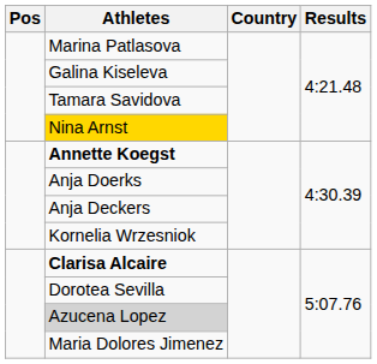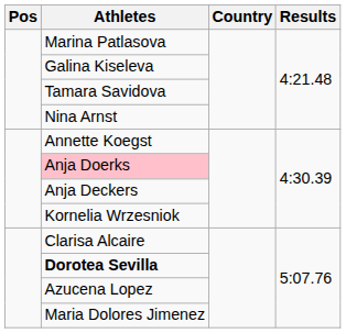 <table class="wikitable">
 <tr>
 <th>Pos</th>
 <th>Athletes</th>
 <th>Country</th>
 <th>Results</th>
 </tr>
 <tr>
 <td rowspan="4"></td>
 <td>Marina Patlasova</td>
 <td rowspan="4"></td>
 <td rowspan="4">4:21.48</td>
 </tr>
 <tr>
 <td>Galina Kiseleva</td>
 </tr>
 <tr>
 <td>Tamara Savidova</td>
 </tr>
 <tr>
-<td style="background: gold;">Nina Arnst</td>
+<td>Nina Arnst</td>
 </tr>
 <tr>
 <td rowspan="4"></td>
-<td><strong>Annette Koegst</strong></td>
+<td>Annette Koegst</td>
 <td rowspan="4"></td>
 <td rowspan="4">4:30.39</td>
 </tr>
 <tr>
-<td>Anja Doerks</td>
+<td style="background: pink;">Anja Doerks</td>
 </tr>
 <tr>
 <td>Anja Deckers</td>
 </tr>
 <tr>
 <td>Kornelia Wrzesniok</td>
 </tr>
 <tr>
 <td rowspan="4"></td>
-<td><strong>Clarisa Alcaire</strong></td>
+<td>Clarisa Alcaire</td>
 <td rowspan="4"></td>
 <td rowspan="4">5:07.76</td>
 </tr>
 <tr>
-<td>Dorotea Sevilla</td>
+<td><strong>Dorotea Sevilla</strong></td>
 </tr>
 <tr>
-<td style="background: lightgrey;">Azucena Lopez</td>
+<td>Azucena Lopez</td>
 </tr>
 <tr>
 <td>Maria Dolores Jimenez</td>
 </tr>
 </table>
